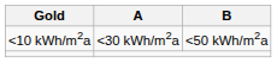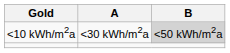 <table class="wikitable">
 <tr>
 <th>Gold</th>
 <th>A</th>
 <th>B</th>
 </tr>
 <tr>
 <td><10 kWh/m<sup>2</sup>a</td>
 <td><30 kWh/m<sup>2</sup>a</td>
-<td><50 kWh/m<sup>2</sup>a</td>
+<td style="background: lightgrey;"><50 kWh/m<sup>2</sup>a</td>
 </tr>
 <tr>
 <td></td>
 </tr>
 </table>
